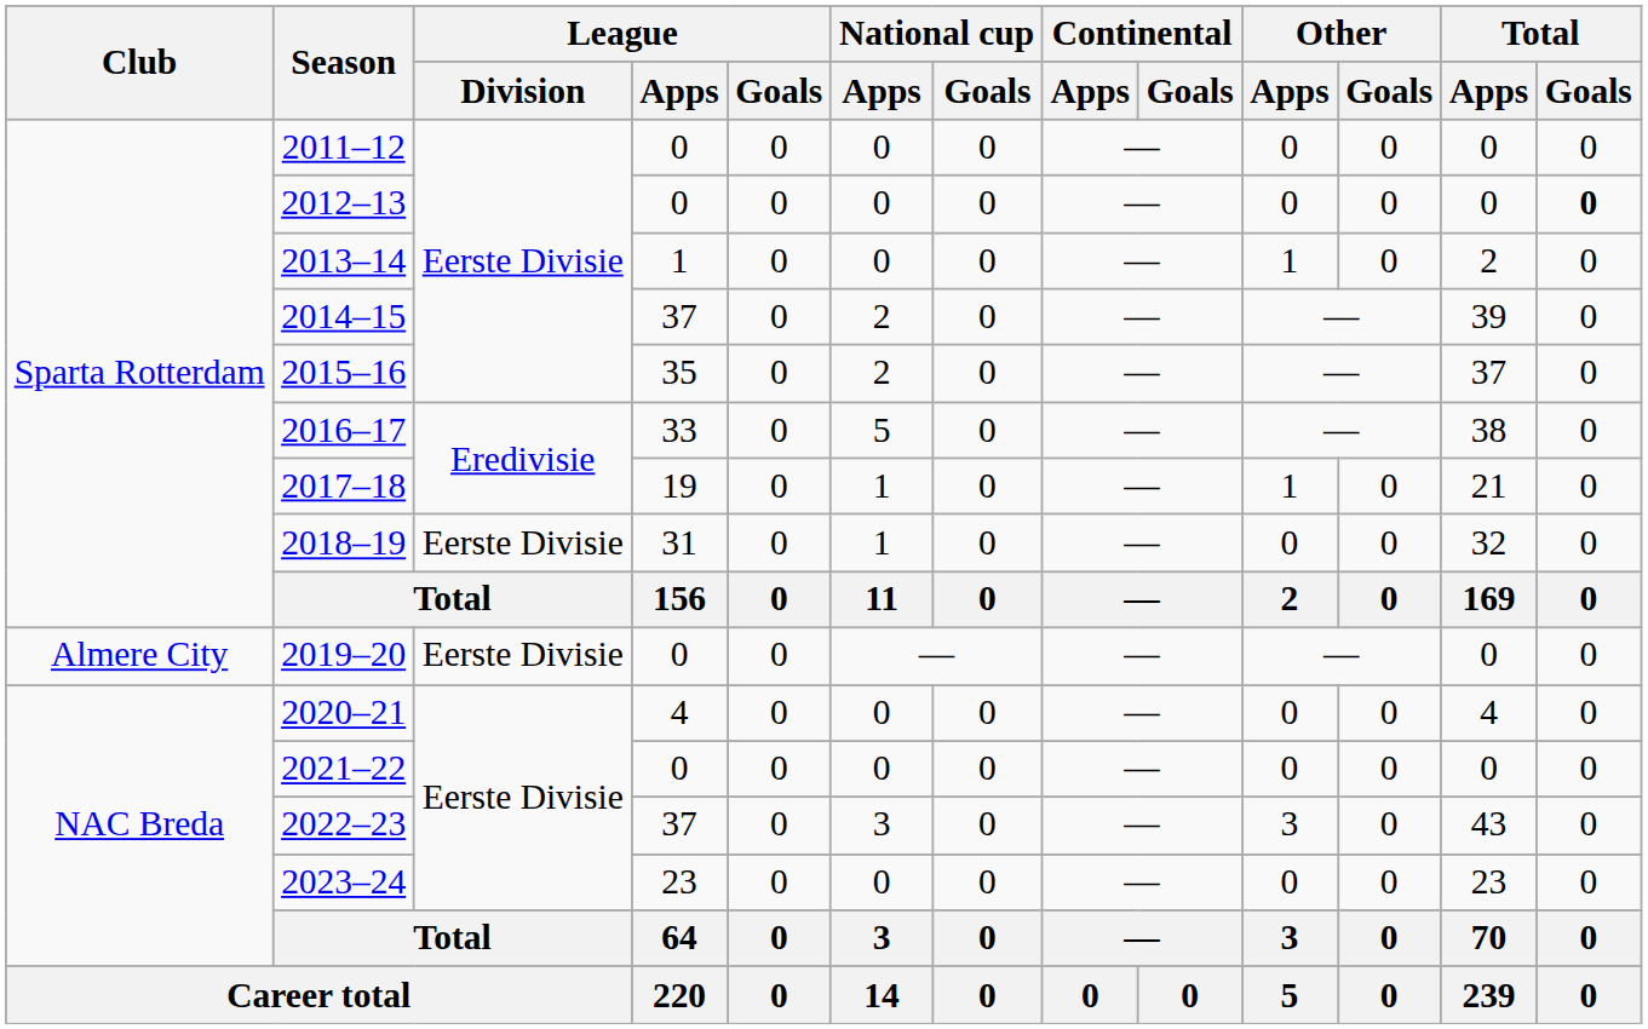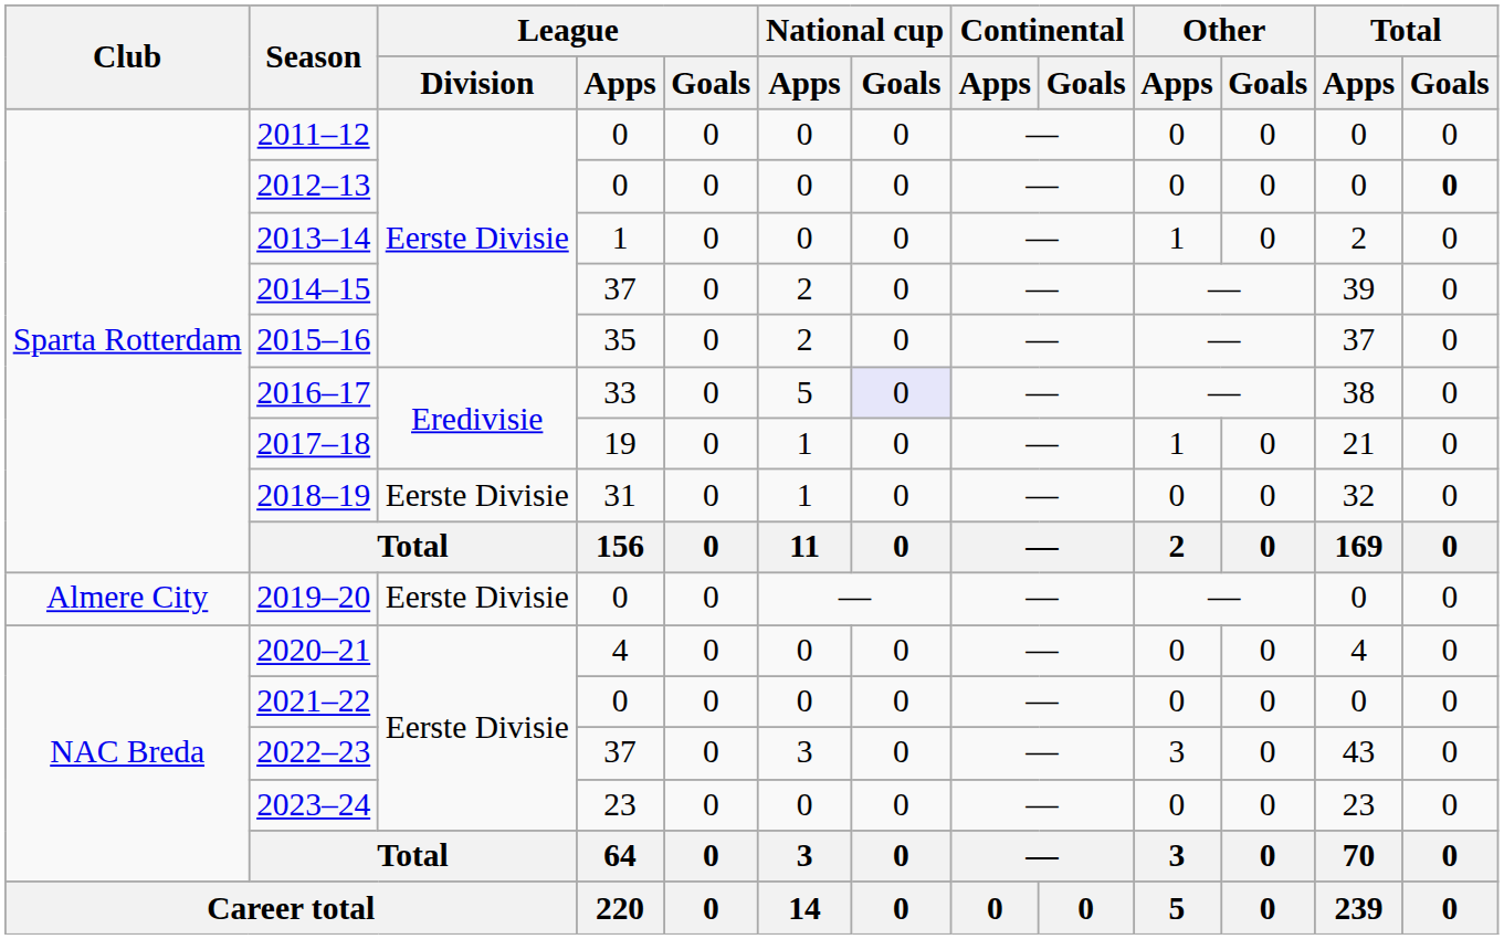 <table class="wikitable" style="text-align:center">
 <tr>
 <th rowspan=2>Club</th>
 <th rowspan=2>Season</th>
 <th colspan=3>League</th>
 <th colspan=2>National cup</th>
 <th colspan=2>Continental</th>
 <th colspan=2>Other</th>
 <th colspan=2>Total</th>
 </tr>
 <tr>
 <th>Division</th>
 <th>Apps</th>
 <th>Goals</th>
 <th>Apps</th>
 <th>Goals</th>
 <th>Apps</th>
 <th>Goals</th>
 <th>Apps</th>
 <th>Goals</th>
 <th>Apps</th>
 <th>Goals</th>
 </tr>
 <tr>
 <td rowspan="9"><a href='#'>Sparta Rotterdam</a></td>
 <td><a href='#'>2011–12</a></td>
 <td rowspan="5"><a href='#'>Eerste Divisie</a></td>
 <td>0</td>
 <td>0</td>
 <td>0</td>
 <td>0</td>
 <td colspan="2">—</td>
 <td>0</td>
 <td>0</td>
 <td>0</td>
 <td>0</td>
 </tr>
 <tr>
 <td><a href='#'>2012–13</a></td>
 <td>0</td>
 <td>0</td>
 <td>0</td>
 <td>0</td>
 <td colspan="2">—</td>
 <td>0</td>
 <td>0</td>
 <td>0</td>
 <td><strong>0</strong></td>
 </tr>
 <tr>
 <td><a href='#'>2013–14</a></td>
 <td>1</td>
 <td>0</td>
 <td>0</td>
 <td>0</td>
 <td colspan="2">—</td>
 <td>1</td>
 <td>0</td>
 <td>2</td>
 <td>0</td>
 </tr>
 <tr>
 <td><a href='#'>2014–15</a></td>
 <td>37</td>
 <td>0</td>
 <td>2</td>
 <td>0</td>
 <td colspan="2">—</td>
 <td colspan="2">—</td>
 <td>39</td>
 <td>0</td>
 </tr>
 <tr>
 <td><a href='#'>2015–16</a></td>
 <td>35</td>
 <td>0</td>
 <td>2</td>
 <td>0</td>
 <td colspan="2">—</td>
 <td colspan="2">—</td>
 <td>37</td>
 <td>0</td>
 </tr>
 <tr>
 <td><a href='#'>2016–17</a></td>
 <td rowspan="2"><a href='#'>Eredivisie</a></td>
 <td>33</td>
 <td>0</td>
 <td>5</td>
-<td>0</td>
+<td style="background: lavender;">0</td>
 <td colspan="2">—</td>
 <td colspan="2">—</td>
 <td>38</td>
 <td>0</td>
 </tr>
 <tr>
 <td><a href='#'>2017–18</a></td>
 <td>19</td>
 <td>0</td>
 <td>1</td>
 <td>0</td>
 <td colspan="2">—</td>
 <td>1</td>
 <td>0</td>
 <td>21</td>
 <td>0</td>
 </tr>
 <tr>
 <td><a href='#'>2018–19</a></td>
 <td>Eerste Divisie</td>
 <td>31</td>
 <td>0</td>
 <td>1</td>
 <td>0</td>
 <td colspan="2">—</td>
 <td>0</td>
 <td>0</td>
 <td>32</td>
 <td>0</td>
 </tr>
 <tr>
 <th colspan="2">Total</th>
 <th>156</th>
 <th>0</th>
 <th>11</th>
 <th>0</th>
 <th colspan="2">—</th>
 <th>2</th>
 <th>0</th>
 <th>169</th>
 <th>0</th>
 </tr>
 <tr>
 <td><a href='#'>Almere City</a></td>
 <td><a href='#'>2019–20</a></td>
 <td>Eerste Divisie</td>
 <td>0</td>
 <td>0</td>
 <td colspan="2">—</td>
 <td colspan="2">—</td>
 <td colspan="2">—</td>
 <td>0</td>
 <td>0</td>
 </tr>
 <tr>
 <td rowspan="5"><a href='#'>NAC Breda</a></td>
 <td><a href='#'>2020–21</a></td>
 <td rowspan="4">Eerste Divisie</td>
 <td>4</td>
 <td>0</td>
 <td>0</td>
 <td>0</td>
 <td colspan="2">—</td>
 <td>0</td>
 <td>0</td>
 <td>4</td>
 <td>0</td>
 </tr>
 <tr>
 <td><a href='#'>2021–22</a></td>
 <td>0</td>
 <td>0</td>
 <td>0</td>
 <td>0</td>
 <td colspan="2">—</td>
 <td>0</td>
 <td>0</td>
 <td>0</td>
 <td>0</td>
 </tr>
 <tr>
 <td><a href='#'>2022–23</a></td>
 <td>37</td>
 <td>0</td>
 <td>3</td>
 <td>0</td>
 <td colspan="2">—</td>
 <td>3</td>
 <td>0</td>
 <td>43</td>
 <td>0</td>
 </tr>
 <tr>
 <td><a href='#'>2023–24</a></td>
 <td>23</td>
 <td>0</td>
 <td>0</td>
 <td>0</td>
 <td colspan="2">—</td>
 <td>0</td>
 <td>0</td>
 <td>23</td>
 <td>0</td>
 </tr>
 <tr>
 <th colspan="2">Total</th>
 <th>64</th>
 <th>0</th>
 <th>3</th>
 <th>0</th>
 <th colspan="2">—</th>
 <th>3</th>
 <th>0</th>
 <th>70</th>
 <th>0</th>
 </tr>
 <tr>
 <th colspan="3">Career total</th>
 <th>220</th>
 <th>0</th>
 <th>14</th>
 <th>0</th>
 <th>0</th>
 <th>0</th>
 <th>5</th>
 <th>0</th>
 <th>239</th>
 <th>0</th>
 </tr>
 </table>
